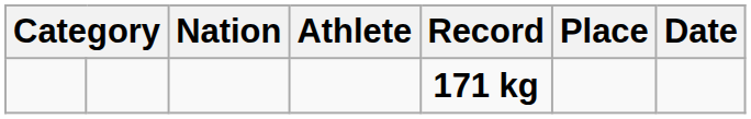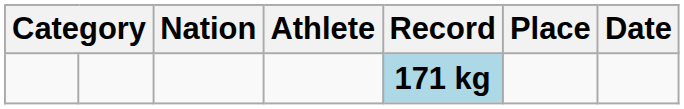 <table class="wikitable" style="text-align:center;">
 <tr>
 <th colspan="2">Category</th>
 <th>Nation</th>
 <th>Athlete</th>
 <th>Record</th>
 <th>Place</th>
 <th>Date</th>
 </tr>
 <tr>
 <td><strong></strong></td>
 <td align="left"></td>
 <td align="left"></td>
 <td align="left"></td>
-<td><strong>171 kg</strong></td>
+<td style="background: lightblue;"><strong>171 kg</strong></td>
 <td align="left"></td>
 <td align="left"></td>
 </tr>
 </table>
